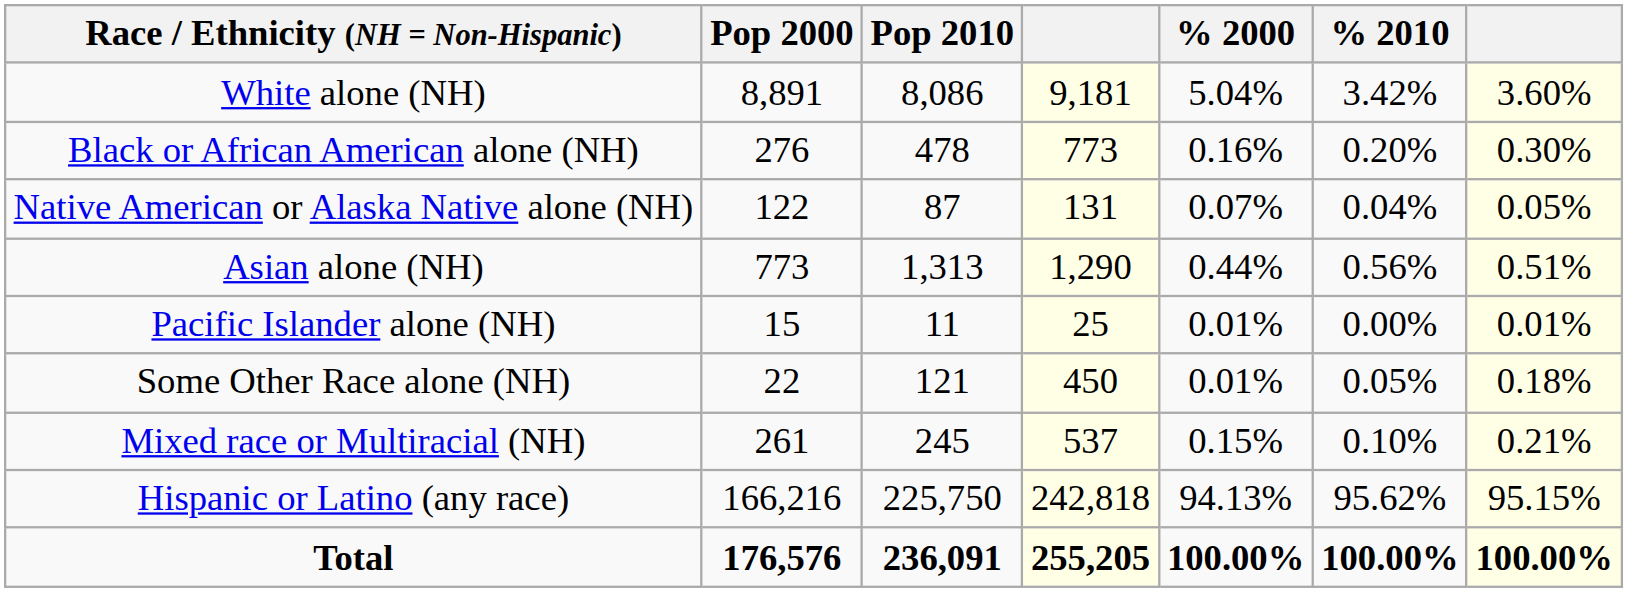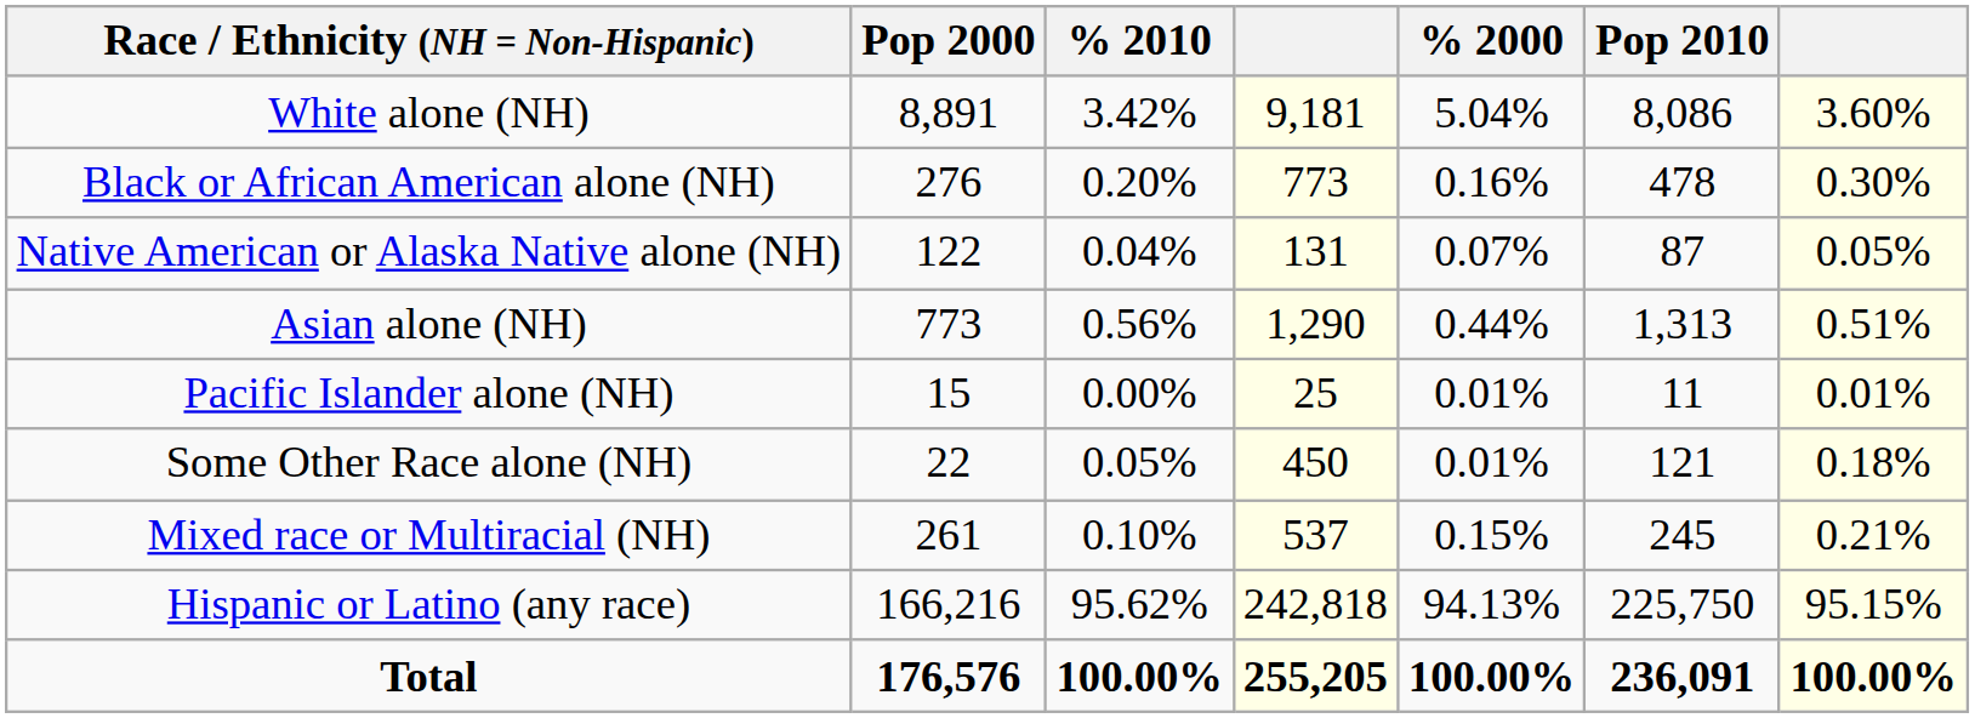 <table class="wikitable" style="text-align:center;">
 <tr>
 <th>Race / Ethnicity <small>(<em>NH = Non-Hispanic</em>)</small></th>
 <th>Pop 2000</th>
-<th>Pop 2010</th>
+<th>% 2010</th>
 <th></th>
 <th>% 2000</th>
-<th>% 2010</th>
+<th>Pop 2010</th>
 <th></th>
 </tr>
 <tr>
 <td><a href='#'>White</a> alone (NH)</td>
 <td>8,891</td>
-<td>8,086</td>
+<td>3.42%</td>
 <td style='background: #ffffe6;'>9,181</td>
 <td>5.04%</td>
-<td>3.42%</td>
+<td>8,086</td>
 <td style='background: #ffffe6;'>3.60%</td>
 </tr>
 <tr>
 <td><a href='#'>Black or African American</a> alone (NH)</td>
 <td>276</td>
-<td>478</td>
+<td>0.20%</td>
 <td style='background: #ffffe6;'>773</td>
 <td>0.16%</td>
-<td>0.20%</td>
+<td>478</td>
 <td style='background: #ffffe6;'>0.30%</td>
 </tr>
 <tr>
 <td><a href='#'>Native American</a> or <a href='#'>Alaska Native</a> alone (NH)</td>
 <td>122</td>
-<td>87</td>
+<td>0.04%</td>
 <td style='background: #ffffe6;'>131</td>
 <td>0.07%</td>
-<td>0.04%</td>
+<td>87</td>
 <td style='background: #ffffe6;'>0.05%</td>
 </tr>
 <tr>
 <td><a href='#'>Asian</a> alone (NH)</td>
 <td>773</td>
-<td>1,313</td>
+<td>0.56%</td>
 <td style='background: #ffffe6;'>1,290</td>
 <td>0.44%</td>
-<td>0.56%</td>
+<td>1,313</td>
 <td style='background: #ffffe6;'>0.51%</td>
 </tr>
 <tr>
 <td><a href='#'>Pacific Islander</a> alone (NH)</td>
 <td>15</td>
-<td>11</td>
+<td>0.00%</td>
 <td style='background: #ffffe6;'>25</td>
 <td>0.01%</td>
-<td>0.00%</td>
+<td>11</td>
 <td style='background: #ffffe6;'>0.01%</td>
 </tr>
 <tr>
 <td>Some Other Race alone (NH)</td>
 <td>22</td>
-<td>121</td>
+<td>0.05%</td>
 <td style='background: #ffffe6;'>450</td>
 <td>0.01%</td>
-<td>0.05%</td>
+<td>121</td>
 <td style='background: #ffffe6;'>0.18%</td>
 </tr>
 <tr>
 <td><a href='#'>Mixed race or Multiracial</a> (NH)</td>
 <td>261</td>
-<td>245</td>
+<td>0.10%</td>
 <td style='background: #ffffe6;'>537</td>
 <td>0.15%</td>
-<td>0.10%</td>
+<td>245</td>
 <td style='background: #ffffe6;'>0.21%</td>
 </tr>
 <tr>
 <td><a href='#'>Hispanic or Latino</a> (any race)</td>
 <td>166,216</td>
-<td>225,750</td>
+<td>95.62%</td>
 <td style='background: #ffffe6;'>242,818</td>
 <td>94.13%</td>
-<td>95.62%</td>
+<td>225,750</td>
 <td style='background: #ffffe6;'>95.15%</td>
 </tr>
 <tr>
 <td><strong>Total</strong></td>
 <td><strong>176,576</strong></td>
-<td><strong>236,091</strong></td>
+<td><strong>100.00%</strong></td>
 <td style='background: #ffffe6;'><strong>255,205</strong></td>
 <td><strong>100.00%</strong></td>
-<td><strong>100.00%</strong></td>
+<td><strong>236,091</strong></td>
 <td style='background: #ffffe6;'><strong>100.00%</strong></td>
 </tr>
 </table>
